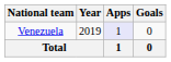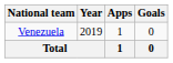 <table class="wikitable" style="text-align: center;">
 <tr>
 <th>National team</th>
 <th>Year</th>
 <th>Apps</th>
 <th>Goals</th>
 </tr>
 <tr>
 <td rowspan="1" valign="center"><a href='#'>Venezuela</a></td>
 <td>2019</td>
-<td style="background: lavender;">1</td>
+<td>1</td>
 <td>0</td>
 </tr>
 <tr>
 <th colspan="2">Total</th>
 <th>1</th>
 <th>0</th>
 </tr>
 </table>
